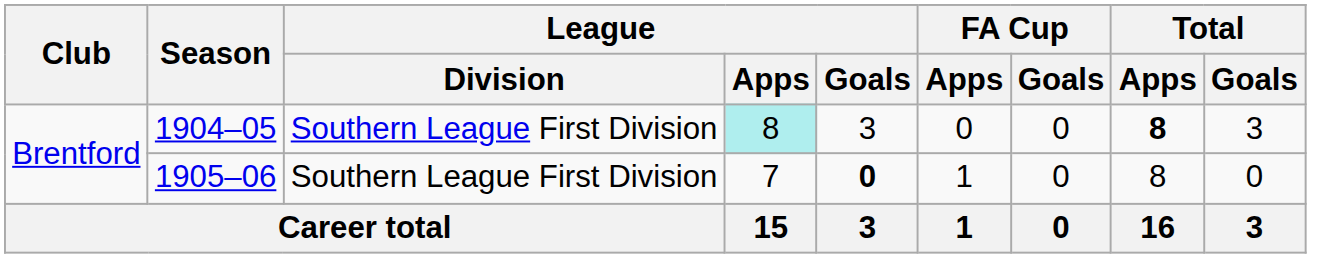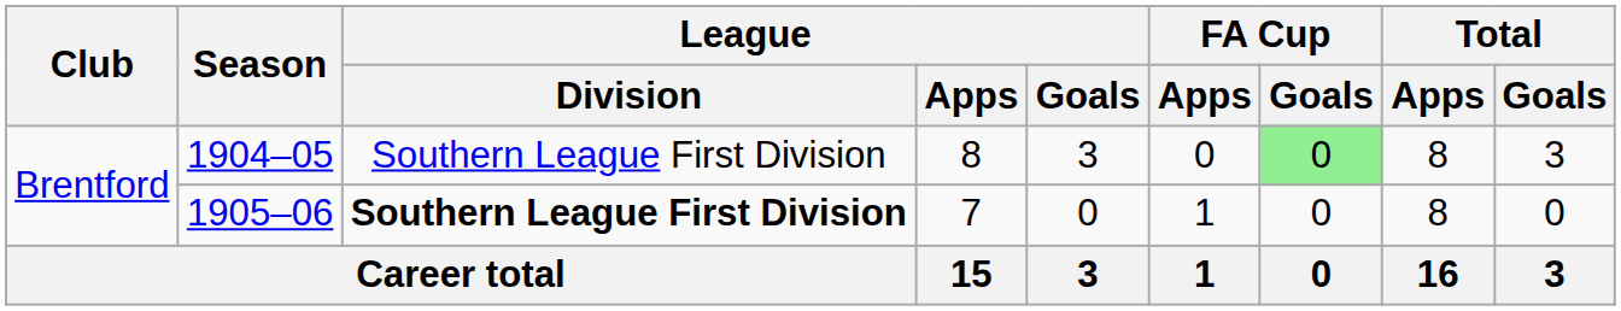 <table class="wikitable" style="text-align: center;">
 <tr>
 <th rowspan="2">Club</th>
 <th rowspan="2">Season</th>
 <th colspan="3">League</th>
 <th colspan="2">FA Cup</th>
 <th colspan="2">Total</th>
 </tr>
 <tr>
 <th>Division</th>
 <th>Apps</th>
 <th>Goals</th>
 <th>Apps</th>
 <th>Goals</th>
 <th>Apps</th>
 <th>Goals</th>
 </tr>
 <tr>
 <td rowspan="2"><a href='#'>Brentford</a></td>
 <td><a href='#'>1904–05</a></td>
 <td><a href='#'>Southern League</a> First Division</td>
-<td style="background: paleturquoise;">8</td>
+<td>8</td>
 <td>3</td>
 <td>0</td>
-<td>0</td>
-<td><strong>8</strong></td>
+<td style="background: lightgreen;">0</td>
+<td>8</td>
 <td>3</td>
 </tr>
 <tr>
 <td><a href='#'>1905–06</a></td>
-<td>Southern League First Division</td>
+<td><strong>Southern League First Division</strong></td>
 <td>7</td>
-<td><strong>0</strong></td>
+<td>0</td>
 <td>1</td>
 <td>0</td>
 <td>8</td>
 <td>0</td>
 </tr>
 <tr>
 <th colspan="3">Career total</th>
 <th>15</th>
 <th>3</th>
 <th>1</th>
 <th>0</th>
 <th>16</th>
 <th>3</th>
 </tr>
 </table>
